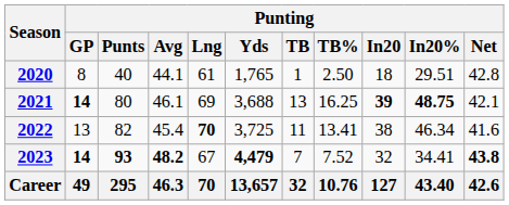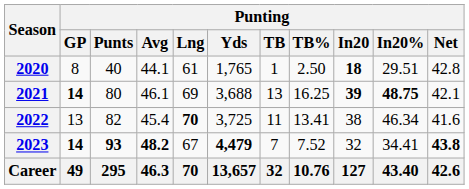 <table class=wikitable style="text-align:center;">
 <tr College statistics>
 <th rowspan="2">Season</th>
 <th colspan="10">Punting</th>
 </tr>
 <tr>
 <th>GP</th>
 <th>Punts</th>
 <th>Avg</th>
 <th>Lng</th>
 <th>Yds</th>
 <th>TB</th>
 <th>TB%</th>
 <th>In20</th>
 <th>In20%</th>
 <th>Net</th>
 </tr>
 <tr>
 <th><a href='#'>2020</a></th>
 <td>8</td>
 <td>40</td>
 <td>44.1</td>
 <td>61</td>
 <td>1,765</td>
 <td>1</td>
 <td>2.50</td>
-<td>18</td>
+<td><strong>18</strong></td>
 <td>29.51</td>
 <td>42.8</td>
 </tr>
 <tr>
 <th><a href='#'>2021</a></th>
 <td><strong>14</strong></td>
 <td>80</td>
 <td>46.1</td>
 <td>69</td>
 <td>3,688</td>
 <td>13</td>
 <td>16.25</td>
 <td><strong>39</strong></td>
 <td><strong>48.75</strong></td>
 <td>42.1</td>
 </tr>
 <tr>
 <th><a href='#'>2022</a></th>
 <td>13</td>
 <td>82</td>
 <td>45.4</td>
 <td><strong>70</strong></td>
 <td>3,725</td>
 <td>11</td>
 <td>13.41</td>
 <td>38</td>
 <td>46.34</td>
 <td>41.6</td>
 </tr>
 <tr>
 <th><a href='#'>2023</a></th>
 <td><strong>14</strong></td>
 <td><strong>93</strong></td>
 <td><strong>48.2</strong></td>
 <td>67</td>
 <td><strong>4,479</strong></td>
 <td>7</td>
 <td>7.52</td>
 <td>32</td>
 <td>34.41</td>
 <td><strong>43.8</strong></td>
 </tr>
 <tr>
 <th>Career</th>
 <th>49</th>
 <th>295</th>
 <th>46.3</th>
 <th>70</th>
 <th>13,657</th>
 <th>32</th>
 <th>10.76</th>
 <th>127</th>
 <th>43.40</th>
 <th>42.6</th>
 </tr>
 </table>
